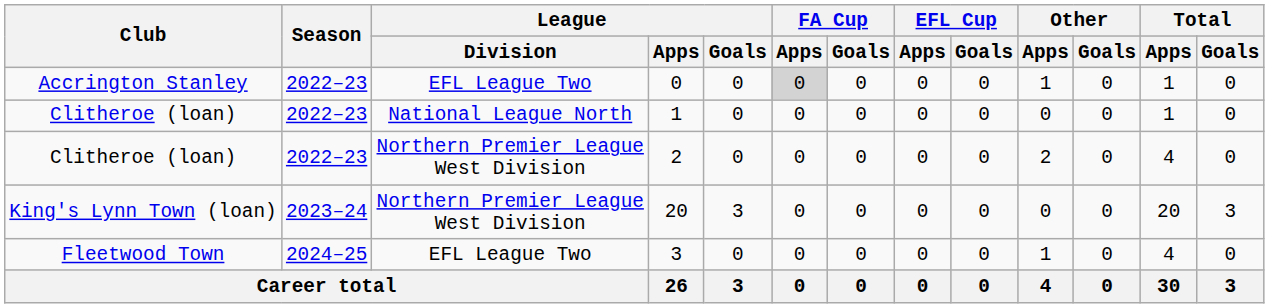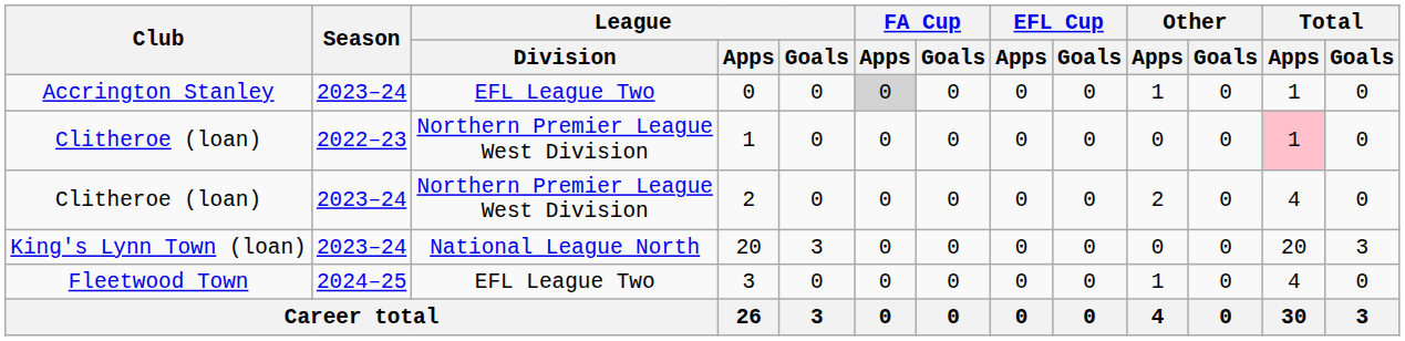 <table class="wikitable" style="text-align:center;">
 <tr>
 <th rowspan="2">Club</th>
 <th rowspan="2">Season</th>
 <th colspan="3">League</th>
 <th colspan="2"><a href='#'>FA Cup</a></th>
 <th colspan="2"><a href='#'>EFL Cup</a></th>
 <th colspan="2">Other</th>
 <th colspan="2">Total</th>
 </tr>
 <tr>
 <th>Division</th>
 <th>Apps</th>
 <th>Goals</th>
 <th>Apps</th>
 <th>Goals</th>
 <th>Apps</th>
 <th>Goals</th>
 <th>Apps</th>
 <th>Goals</th>
 <th>Apps</th>
 <th>Goals</th>
 </tr>
 <tr>
 <td><a href='#'>Accrington Stanley</a></td>
-<td><a href='#'>2022–23</a></td>
+<td><a href='#'>2023–24</a></td>
 <td><a href='#'>EFL League Two</a></td>
 <td>0</td>
 <td>0</td>
 <td style="background: lightgrey;">0</td>
 <td>0</td>
 <td>0</td>
 <td>0</td>
 <td>1</td>
 <td>0</td>
 <td>1</td>
 <td>0</td>
 </tr>
 <tr>
 <td><a href='#'>Clitheroe</a> (loan)</td>
 <td><a href='#'>2022–23</a></td>
-<td><a href='#'>National League North</a></td>
+<td><a href='#'>Northern Premier League</a><br>West Division</td>
 <td>1</td>
 <td>0</td>
 <td>0</td>
 <td>0</td>
 <td>0</td>
 <td>0</td>
 <td>0</td>
 <td>0</td>
-<td>1</td>
+<td style="background: pink;">1</td>
 <td>0</td>
 </tr>
 <tr>
 <td>Clitheroe (loan)</td>
-<td><a href='#'>2022–23</a></td>
+<td><a href='#'>2023–24</a></td>
 <td><a href='#'>Northern Premier League</a><br>West Division</td>
 <td>2</td>
 <td>0</td>
 <td>0</td>
 <td>0</td>
 <td>0</td>
 <td>0</td>
 <td>2</td>
 <td>0</td>
 <td>4</td>
 <td>0</td>
 </tr>
 <tr>
 <td><a href='#'>King's Lynn Town</a> (loan)</td>
 <td><a href='#'>2023–24</a></td>
-<td><a href='#'>Northern Premier League</a><br>West Division</td>
+<td><a href='#'>National League North</a></td>
 <td>20</td>
 <td>3</td>
 <td>0</td>
 <td>0</td>
 <td>0</td>
 <td>0</td>
 <td>0</td>
 <td>0</td>
 <td>20</td>
 <td>3</td>
 </tr>
 <tr>
 <td><a href='#'>Fleetwood Town</a></td>
 <td><a href='#'>2024–25</a></td>
 <td>EFL League Two</td>
 <td>3</td>
 <td>0</td>
 <td>0</td>
 <td>0</td>
 <td>0</td>
 <td>0</td>
 <td>1</td>
 <td>0</td>
 <td>4</td>
 <td>0</td>
 </tr>
 <tr>
 <th colspan="3">Career total</th>
 <th>26</th>
 <th>3</th>
 <th>0</th>
 <th>0</th>
 <th>0</th>
 <th>0</th>
 <th>4</th>
 <th>0</th>
 <th>30</th>
 <th>3</th>
 </tr>
 </table>
